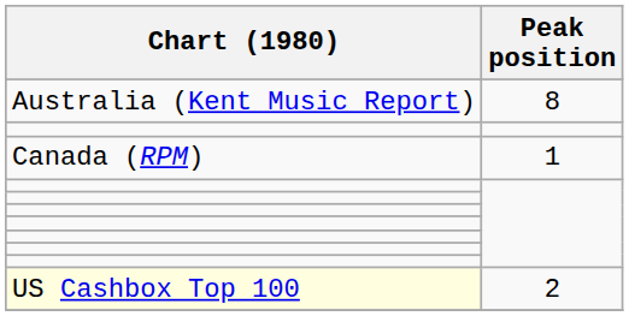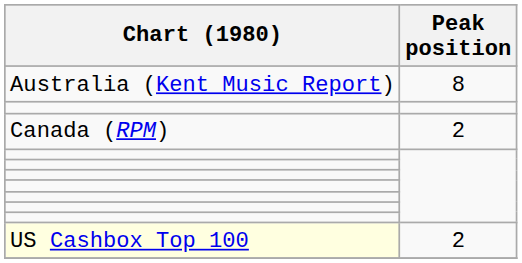 <table class="wikitable sortable plainrowheaders"}>
 <tr>
 <th scope="col">Chart (1980)</th>
 <th scope="col">Peak<br>position</th>
 </tr>
 <tr>
 <td>Australia (<a href='#'>Kent Music Report</a>)</td>
 <td style="text-align:center;">8</td>
 </tr>
 <tr>
 <td></td>
 </tr>
 <tr>
 <td>Canada (<em><a href='#'>RPM</a></em>)</td>
-<td align="center">1</td>
+<td align="center">2</td>
 </tr>
 <tr>
 <td></td>
 </tr>
 <tr>
 <td></td>
 </tr>
 <tr>
 <td></td>
 </tr>
 <tr>
 <td></td>
 </tr>
 <tr>
 <td></td>
 </tr>
 <tr>
 <td></td>
 </tr>
 <tr>
 <td></td>
 </tr>
 <tr>
 <td style="background: lightyellow;">US <a href='#'>Cashbox Top 100</a></td>
 <td align="center">2</td>
 </tr>
 <tr>
 </tr>
 </table>
